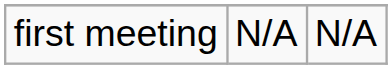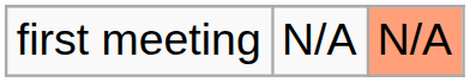 <table class="wikitable">
 <tr align="center">
 </tr>
 <tr align="center">
 <td>first meeting</td>
 <td>N/A</td>
-<td>N/A</td>
+<td style="background: lightsalmon;">N/A</td>
 </tr>
 </table>
